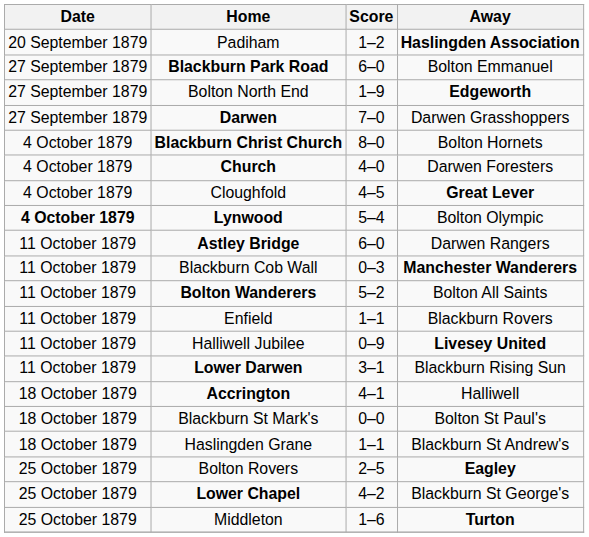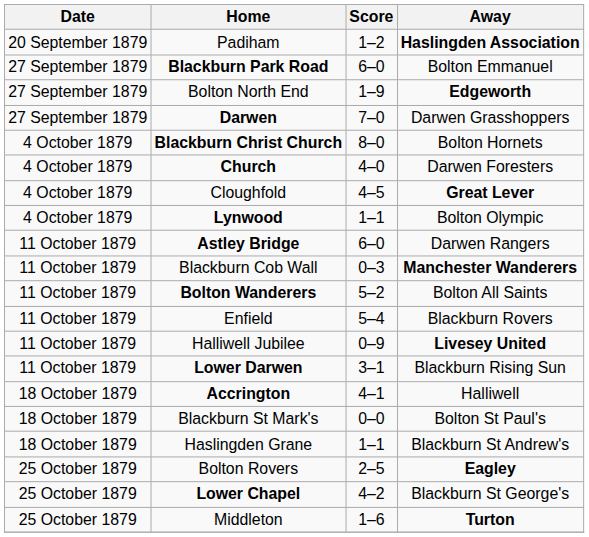 <table class="wikitable" style="text-align: center">
 <tr>
 <th>Date</th>
 <th>Home</th>
 <th>Score</th>
 <th>Away</th>
 </tr>
 <tr>
 <td>20 September 1879</td>
 <td>Padiham</td>
 <td>1–2</td>
 <td><strong>Haslingden Association</strong></td>
 </tr>
 <tr>
 <td>27 September 1879</td>
 <td><strong>Blackburn Park Road</strong></td>
 <td>6–0</td>
 <td>Bolton Emmanuel</td>
 </tr>
 <tr>
 <td>27 September 1879</td>
 <td>Bolton North End</td>
 <td>1–9</td>
 <td><strong>Edgeworth</strong></td>
 </tr>
 <tr>
 <td>27 September 1879</td>
 <td><strong>Darwen</strong></td>
 <td>7–0</td>
 <td>Darwen Grasshoppers</td>
 </tr>
 <tr>
 <td>4 October 1879</td>
 <td><strong>Blackburn Christ Church</strong></td>
 <td>8–0</td>
 <td>Bolton Hornets</td>
 </tr>
 <tr>
 <td>4 October 1879</td>
 <td><strong>Church</strong></td>
 <td>4–0</td>
 <td>Darwen Foresters</td>
 </tr>
 <tr>
 <td>4 October 1879</td>
 <td>Cloughfold</td>
 <td>4–5</td>
 <td><strong>Great Lever</strong></td>
 </tr>
 <tr>
-<td><strong>4 October 1879</strong></td>
+<td>4 October 1879</td>
 <td><strong>Lynwood</strong></td>
-<td>5–4</td>
+<td>1–1</td>
 <td>Bolton Olympic</td>
 </tr>
 <tr>
 <td>11 October 1879</td>
 <td><strong>Astley Bridge</strong></td>
 <td>6–0</td>
 <td>Darwen Rangers</td>
 </tr>
 <tr>
 <td>11 October 1879</td>
 <td>Blackburn Cob Wall</td>
 <td>0–3</td>
 <td><strong>Manchester Wanderers</strong></td>
 </tr>
 <tr>
 <td>11 October 1879</td>
 <td><strong>Bolton Wanderers</strong></td>
 <td>5–2</td>
 <td>Bolton All Saints</td>
 </tr>
 <tr>
 <td>11 October 1879</td>
 <td>Enfield</td>
-<td>1–1</td>
+<td>5–4</td>
 <td>Blackburn Rovers</td>
 </tr>
 <tr>
 <td>11 October 1879</td>
 <td>Halliwell Jubilee</td>
 <td>0–9</td>
 <td><strong>Livesey United</strong></td>
 </tr>
 <tr>
 <td>11 October 1879</td>
 <td><strong>Lower Darwen</strong></td>
 <td>3–1</td>
 <td>Blackburn Rising Sun</td>
 </tr>
 <tr>
 <td>18 October 1879</td>
 <td><strong>Accrington</strong></td>
 <td>4–1</td>
 <td>Halliwell</td>
 </tr>
 <tr>
 <td>18 October 1879</td>
 <td>Blackburn St Mark's</td>
 <td>0–0</td>
 <td>Bolton St Paul's</td>
 </tr>
 <tr>
 <td>18 October 1879</td>
 <td>Haslingden Grane</td>
 <td>1–1</td>
 <td>Blackburn St Andrew's</td>
 </tr>
 <tr>
 <td>25 October 1879</td>
 <td>Bolton Rovers</td>
 <td>2–5</td>
 <td><strong>Eagley</strong></td>
 </tr>
 <tr>
 <td>25 October 1879</td>
 <td><strong>Lower Chapel</strong></td>
 <td>4–2</td>
 <td>Blackburn St George's</td>
 </tr>
 <tr>
 <td>25 October 1879</td>
 <td>Middleton</td>
 <td>1–6</td>
 <td><strong>Turton</strong></td>
 </tr>
 <tr>
 </tr>
 </table>
